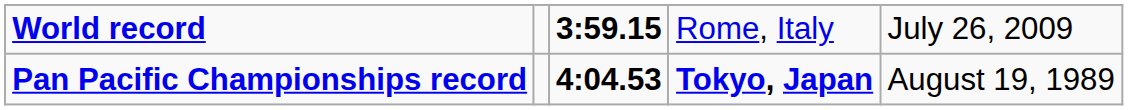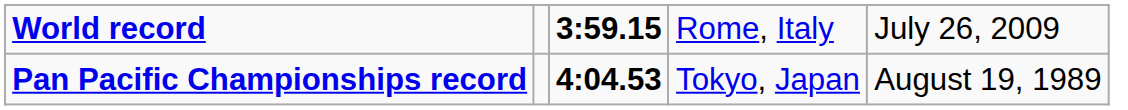 <table class="wikitable">
 <tr>
 <td><strong><a href='#'>World record</a></strong></td>
 <td></td>
 <td><strong>3:59.15</strong></td>
 <td><a href='#'>Rome</a>, <a href='#'>Italy</a></td>
 <td>July 26, 2009</td>
 </tr>
 <tr>
 <td><strong><a href='#'>Pan Pacific Championships record</a></strong></td>
 <td></td>
 <td><strong>4:04.53</strong></td>
-<td><strong><a href='#'>Tokyo</a>, <a href='#'>Japan</a></strong></td>
+<td><a href='#'>Tokyo</a>, <a href='#'>Japan</a></td>
 <td>August 19, 1989</td>
 </tr>
 </table>
